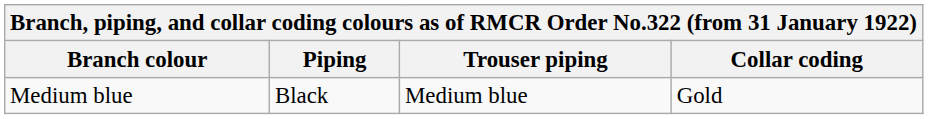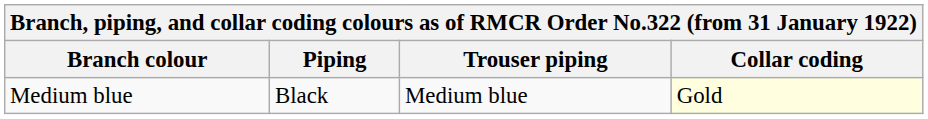 <table class="wikitable">
 <tr>
 <th colspan="4">Branch, piping, and collar coding colours as of RMCR Order No.322 (from 31 January 1922)</th>
 </tr>
 <tr>
 <th>Branch colour</th>
 <th>Piping</th>
 <th>Trouser piping</th>
 <th>Collar coding</th>
 </tr>
 <tr>
 <td>Medium blue</td>
 <td>Black</td>
 <td>Medium blue</td>
-<td>Gold</td>
+<td style="background: lightyellow;">Gold</td>
 </tr>
 </table>
